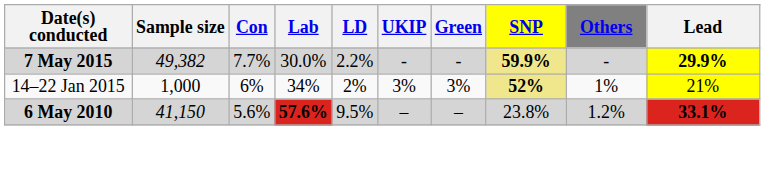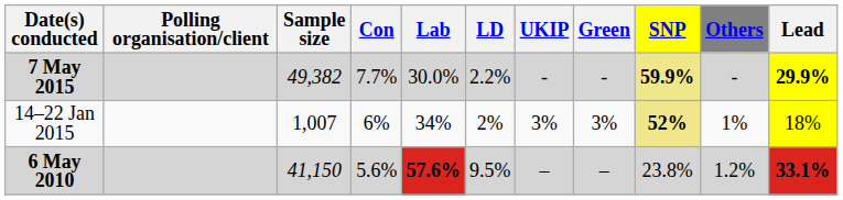 <table class="wikitable sortable" style="text-align:center;font-size:90%;line-height:14px">
 <tr>
 <th ! style="width:100px;">Date(s)<br>conducted</th>
+<th style="width:200px;">Polling organisation/client</th>
 <th class="unsortable" style="width:75px;">Sample size</th>
 <th class="unsortable" style="background:"><a href='#'><span>Con</span></a></th>
 <th class="unsortable" style="background:"><a href='#'><span>Lab</span></a></th>
 <th class="unsortable" style="background:"><a href='#'><span>LD</span></a></th>
 <th class="unsortable" style="background:"><a href='#'><span>UKIP</span></a></th>
 <th class="unsortable" style="background:"><a href='#'><span>Green</span></a></th>
 <th class="unsortable" style="background:#ffff00; width:60px;"><a href='#'><span>SNP</span></a></th>
 <th class="unsortable" style="background:gray; width:60px;"><a href='#'><span>Others</span></a></th>
 <th class="unsortable" style="width:90px;">Lead</th>
 </tr>
 <tr>
 <td style="background:#D5D5D5"><strong>7 May 2015</strong></td>
+<td style="background:#D5D5D5"></td>
 <td style="background:#D5D5D5"><em>49,382</em></td>
 <td style="background:#D5D5D5">7.7%</td>
 <td style="background:#D5D5D5">30.0%</td>
 <td style="background:#D5D5D5">2.2%</td>
 <td style="background:#D5D5D5">-</td>
 <td style="background:#D5D5D5">-</td>
 <td style="background:khaki"><strong>59.9%</strong></td>
 <td style="background:#D5D5D5">-</td>
 <td style="background:#ffff00"><strong>29.9% </strong></td>
 </tr>
 <tr>
 <td>14–22 Jan 2015</td>
-<td>1,000</td>
+<td> </td>
+<td>1,007</td>
 <td>6%</td>
 <td>34%</td>
 <td>2%</td>
 <td>3%</td>
 <td>3%</td>
 <td style="background:khaki"><strong>52%</strong></td>
 <td>1%</td>
-<td style="background:#ff0"><span>21% </span></td>
+<td style="background:#ff0"><span>18% </span></td>
 </tr>
 <tr>
 <td style="background:#D5D5D5"><strong>6 May 2010</strong></td>
+<td style="background:#D5D5D5"></td>
 <td style="background:#D5D5D5"><em>41,150</em></td>
 <td style="background:#D5D5D5">5.6%</td>
 <td style="background:#dc241f"><span><strong>57.6%</strong></span></td>
 <td style="background:#D5D5D5">9.5%</td>
 <td style="background:#D5D5D5">–</td>
 <td style="background:#D5D5D5">–</td>
 <td style="background:#D5D5D5">23.8%</td>
 <td style="background:#D5D5D5">1.2%</td>
 <td style="background:#dc241f"><span><strong>33.1% </strong></span></td>
 </tr>
 </table>
